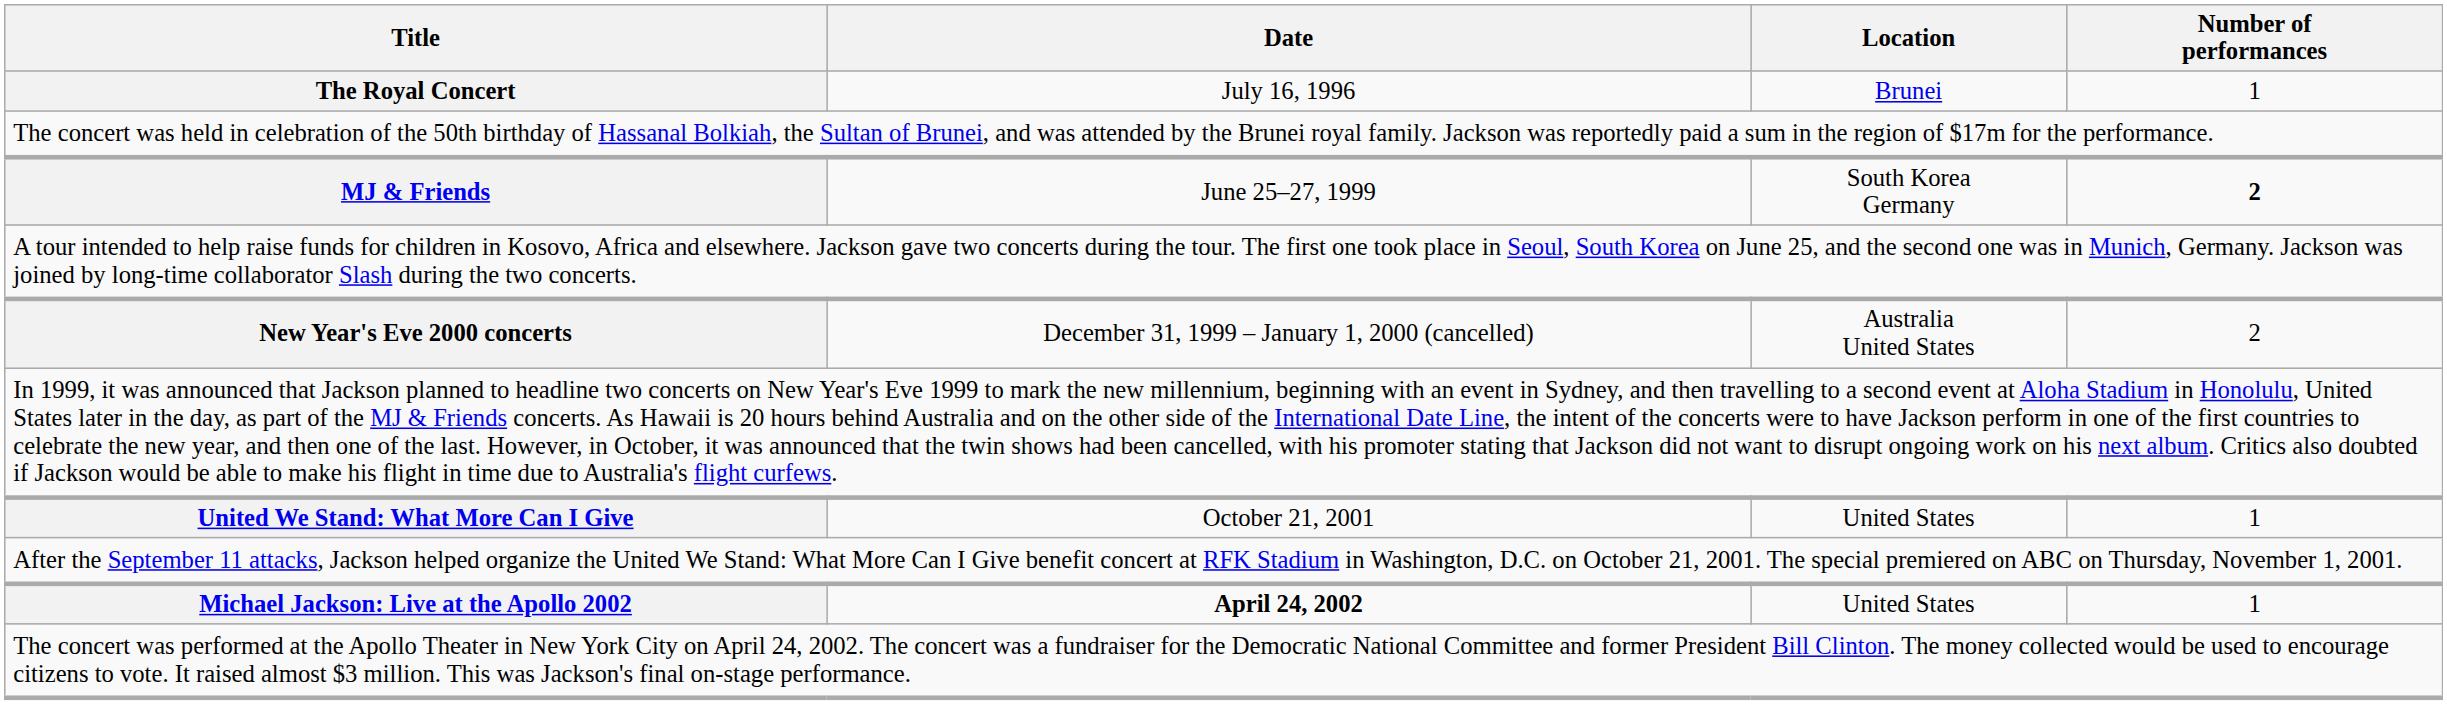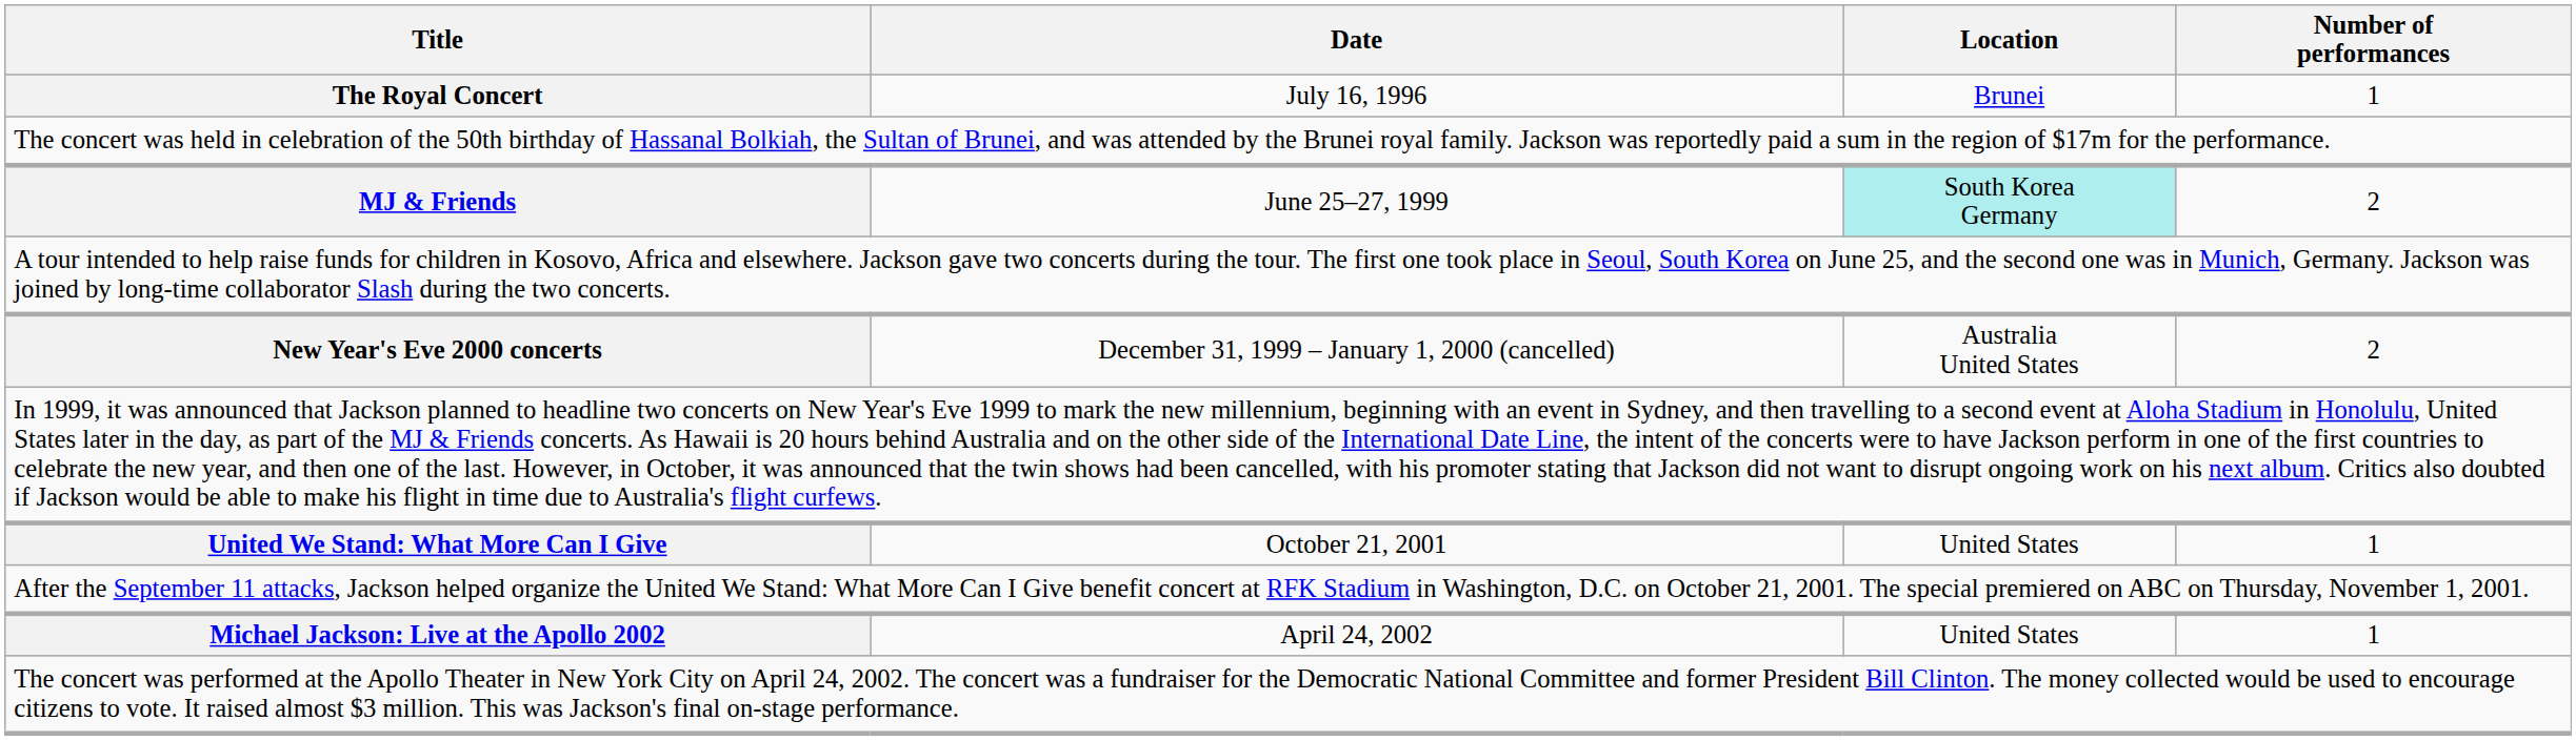 <table class="wikitable sortable plainrowheaders" style="text-align:center;" width=100%>
 <tr>
 <th scope="col">Title</th>
 <th scope="col">Date</th>
 <th scope="col">Location</th>
 <th scope="col">Number of<br>performances</th>
 </tr>
 <tr>
 <th scope="row">The Royal Concert</th>
 <td>July 16, 1996</td>
 <td><a href='#'>Brunei</a></td>
 <td>1</td>
 </tr>
 <tr>
 <td colspan="4" style="text-align:left; border-bottom-width:3px; padding:5px;">The concert was held in celebration of the 50th birthday of <a href='#'>Hassanal Bolkiah</a>, the <a href='#'>Sultan of Brunei</a>, and was attended by the Brunei royal family. Jackson was reportedly paid a sum in the region of $17m for the performance.</td>
 </tr>
 <tr>
 <th scope="row"><a href='#'>MJ & Friends</a></th>
 <td>June 25–27, 1999</td>
-<td>South Korea<br>Germany</td>
-<td><strong>2</strong></td>
+<td style="background: paleturquoise;">South Korea<br>Germany</td>
+<td>2</td>
 </tr>
 <tr>
 <td colspan="4" style="text-align:left; border-bottom-width:3px; padding:5px;">A tour intended to help raise funds for children in Kosovo, Africa and elsewhere. Jackson gave two concerts during the tour. The first one took place in <a href='#'>Seoul</a>, <a href='#'>South Korea</a> on June 25, and the second one was in <a href='#'>Munich</a>, Germany. Jackson was joined by long-time collaborator <a href='#'>Slash</a> during the two concerts.</td>
 </tr>
 <tr>
 <th scope="row">New Year's Eve 2000 concerts</th>
 <td>December 31, 1999 – January 1, 2000 (cancelled)</td>
 <td>Australia<br>United States</td>
 <td>2</td>
 </tr>
 <tr>
 <td colspan="4" style="text-align:left; border-bottom-width:3px; padding:5px;">In 1999, it was announced that Jackson planned to headline two concerts on New Year's Eve 1999 to mark the new millennium, beginning with an event in Sydney, and then travelling to a second event at <a href='#'>Aloha Stadium</a> in <a href='#'>Honolulu</a>, United States later in the day, as part of the <a href='#'>MJ & Friends</a> concerts. As Hawaii is 20 hours behind Australia and on the other side of the <a href='#'>International Date Line</a>, the intent of the concerts were to have Jackson perform in one of the first countries to celebrate the new year, and then one of the last. However, in October, it was announced that the twin shows had been cancelled, with his promoter stating that Jackson did not want to disrupt ongoing work on his <a href='#'>next album</a>. Critics also doubted if Jackson would be able to make his flight in time due to Australia's <a href='#'>flight curfews</a>.</td>
 </tr>
 <tr>
 <th scope="row"><a href='#'>United We Stand: What More Can I Give</a></th>
 <td>October 21, 2001</td>
 <td>United States</td>
 <td>1</td>
 </tr>
 <tr>
 <td colspan="4" style="text-align:left; border-bottom-width:3px; padding:5px;">After the <a href='#'>September 11 attacks</a>, Jackson helped organize the United We Stand: What More Can I Give benefit concert at <a href='#'>RFK Stadium</a> in Washington, D.C. on October 21, 2001. The special premiered on ABC on Thursday, November 1, 2001.</td>
 </tr>
 <tr>
 <th scope="row"><a href='#'>Michael Jackson: Live at the Apollo 2002</a></th>
-<td><strong>April 24, 2002</strong></td>
+<td>April 24, 2002</td>
 <td>United States</td>
 <td>1</td>
 </tr>
 <tr>
 <td colspan="4" style="text-align:left; border-bottom-width:3px; padding:5px;">The concert was performed at the Apollo Theater in New York City on April 24, 2002. The concert was a fundraiser for the Democratic National Committee and former President <a href='#'>Bill Clinton</a>. The money collected would be used to encourage citizens to vote. It raised almost $3 million. This was Jackson's final on-stage performance.</td>
 </tr>
 </table>
